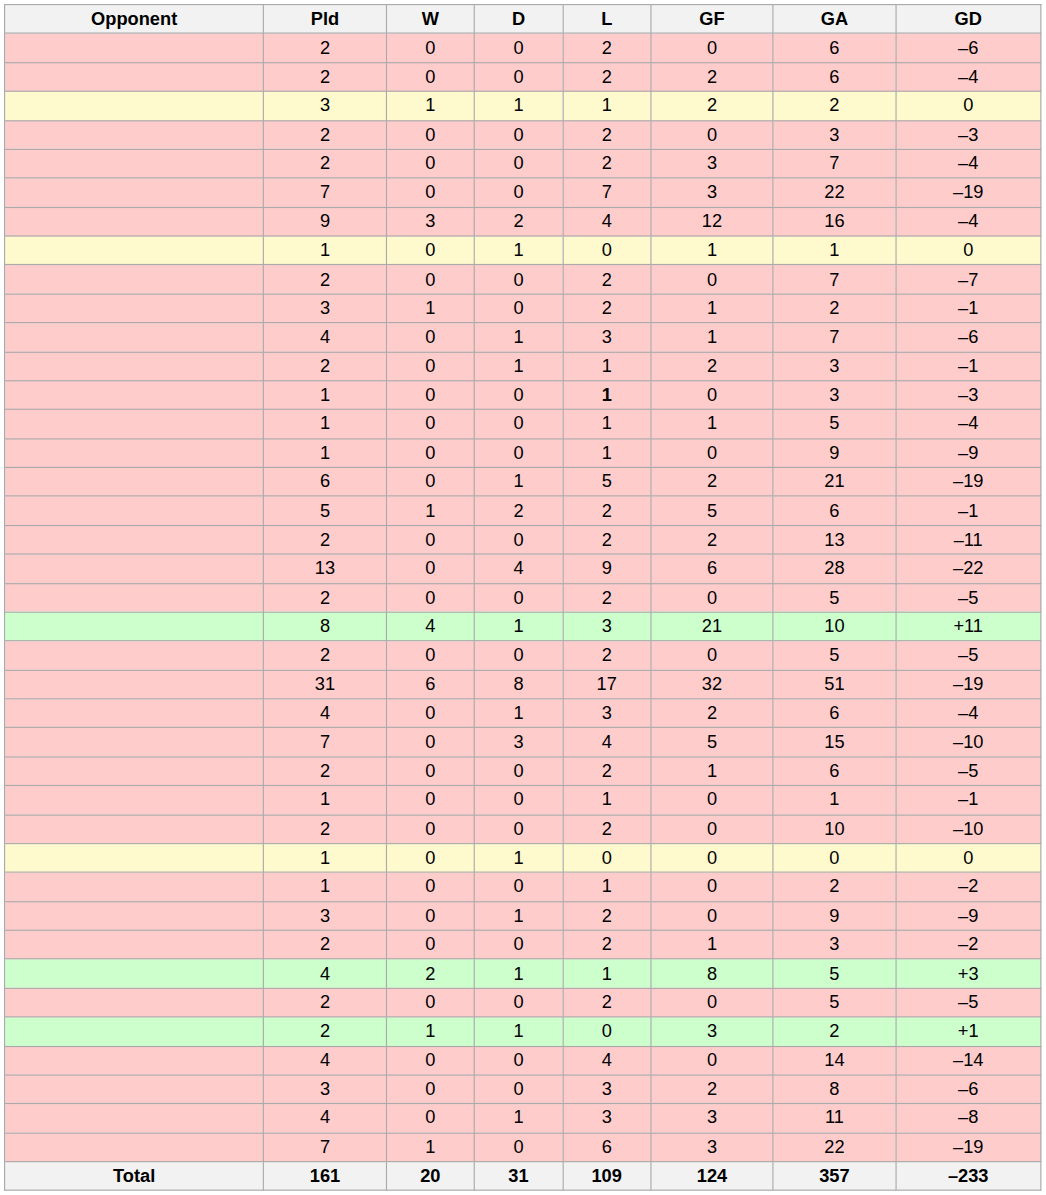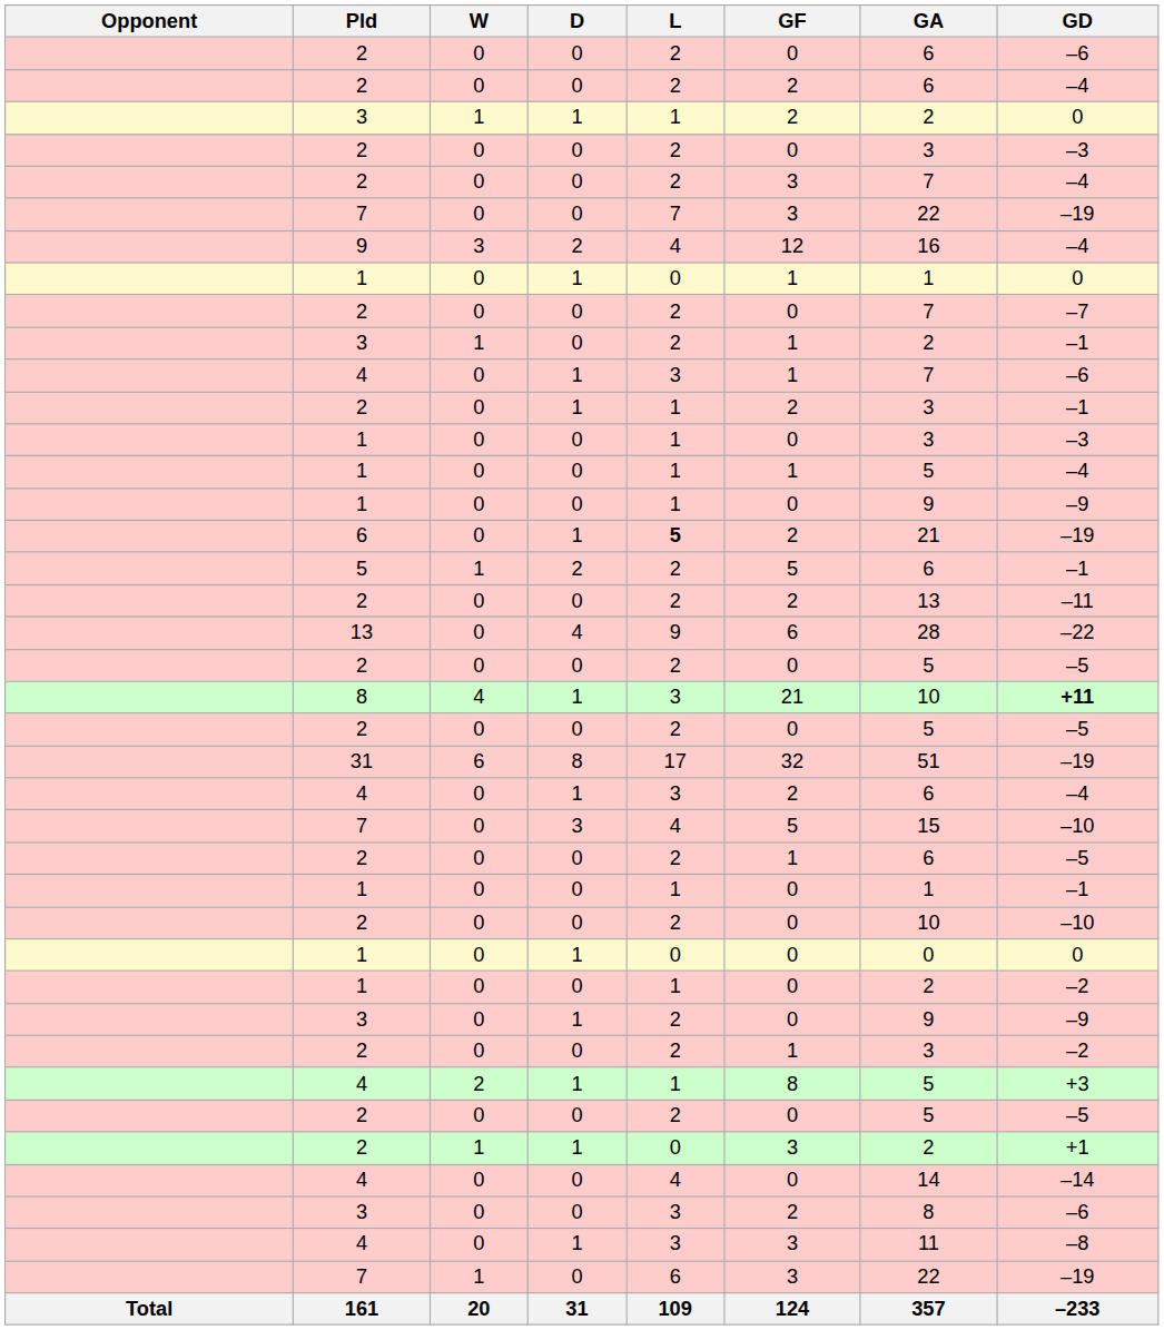 <table class="wikitable sortable" style="text-align: center">
 <tr>
 <th width=220>Opponent<br></th>
 <th width=100>Pld<br></th>
 <th width=70>W<br></th>
 <th width=70>D<br></th>
 <th width=70>L<br></th>
 <th width=100>GF<br></th>
 <th width=100>GA<br></th>
 <th width=120>GD<br></th>
 </tr>
 <tr bgcolor="#FFCCCC">
 <td style="text-align:left;"></td>
 <td>2</td>
 <td>0</td>
 <td>0</td>
 <td>2</td>
 <td>0</td>
 <td>6</td>
 <td>–6</td>
 </tr>
 <tr bgcolor="#FFCCCC">
 <td style="text-align:left;"></td>
 <td>2</td>
 <td>0</td>
 <td>0</td>
 <td>2</td>
 <td>2</td>
 <td>6</td>
 <td>–4</td>
 </tr>
 <tr bgcolor="#FFFACD">
 <td style="text-align:left;"></td>
 <td>3</td>
 <td>1</td>
 <td>1</td>
 <td>1</td>
 <td>2</td>
 <td>2</td>
 <td>0</td>
 </tr>
 <tr bgcolor="#FFCCCC">
 <td style="text-align:left;"></td>
 <td>2</td>
 <td>0</td>
 <td>0</td>
 <td>2</td>
 <td>0</td>
 <td>3</td>
 <td>–3</td>
 </tr>
 <tr bgcolor="#FFCCCC">
 <td style="text-align:left;"></td>
 <td>2</td>
 <td>0</td>
 <td>0</td>
 <td>2</td>
 <td>3</td>
 <td>7</td>
 <td>–4</td>
 </tr>
 <tr bgcolor="#FFCCCC">
 <td style="text-align:left;"></td>
 <td>7</td>
 <td>0</td>
 <td>0</td>
 <td>7</td>
 <td>3</td>
 <td>22</td>
 <td>–19</td>
 </tr>
 <tr bgcolor="#FFCCCC">
 <td style="text-align:left;"></td>
 <td>9</td>
 <td>3</td>
 <td>2</td>
 <td>4</td>
 <td>12</td>
 <td>16</td>
 <td>–4</td>
 </tr>
 <tr bgcolor="#FFFACD">
 <td style="text-align:left;"></td>
 <td>1</td>
 <td>0</td>
 <td>1</td>
 <td>0</td>
 <td>1</td>
 <td>1</td>
 <td>0</td>
 </tr>
 <tr bgcolor="#FFCCCC">
 <td style="text-align:left;"></td>
 <td>2</td>
 <td>0</td>
 <td>0</td>
 <td>2</td>
 <td>0</td>
 <td>7</td>
 <td>–7</td>
 </tr>
 <tr bgcolor="#FFCCCC">
 <td style="text-align:left;"></td>
 <td>3</td>
 <td>1</td>
 <td>0</td>
 <td>2</td>
 <td>1</td>
 <td>2</td>
 <td>–1</td>
 </tr>
 <tr bgcolor="#FFCCCC">
 <td style="text-align:left;"></td>
 <td>4</td>
 <td>0</td>
 <td>1</td>
 <td>3</td>
 <td>1</td>
 <td>7</td>
 <td>–6</td>
 </tr>
 <tr bgcolor="#FFCCCC">
 <td style="text-align:left;"></td>
 <td>2</td>
 <td>0</td>
 <td>1</td>
 <td>1</td>
 <td>2</td>
 <td>3</td>
 <td>–1</td>
 </tr>
 <tr bgcolor="#FFCCCC">
 <td style="text-align:left;"></td>
 <td>1</td>
 <td>0</td>
 <td>0</td>
-<td><strong>1</strong></td>
+<td>1</td>
 <td>0</td>
 <td>3</td>
 <td>–3</td>
 </tr>
 <tr bgcolor="#FFCCCC">
 <td style="text-align:left;"></td>
 <td>1</td>
 <td>0</td>
 <td>0</td>
 <td>1</td>
 <td>1</td>
 <td>5</td>
 <td>–4</td>
 </tr>
 <tr bgcolor="#FFCCCC">
 <td style="text-align:left;"></td>
 <td>1</td>
 <td>0</td>
 <td>0</td>
 <td>1</td>
 <td>0</td>
 <td>9</td>
 <td>–9</td>
 </tr>
 <tr bgcolor="#FFCCCC">
 <td style="text-align:left;"></td>
 <td>6</td>
 <td>0</td>
 <td>1</td>
-<td>5</td>
+<td><strong>5</strong></td>
 <td>2</td>
 <td>21</td>
 <td>–19</td>
 </tr>
 <tr bgcolor="#FFCCCC">
 <td style="text-align:left;"></td>
 <td>5</td>
 <td>1</td>
 <td>2</td>
 <td>2</td>
 <td>5</td>
 <td>6</td>
 <td>–1</td>
 </tr>
 <tr bgcolor="#FFCCCC">
 <td style="text-align:left;"></td>
 <td>2</td>
 <td>0</td>
 <td>0</td>
 <td>2</td>
 <td>2</td>
 <td>13</td>
 <td>–11</td>
 </tr>
 <tr bgcolor="#FFCCCC">
 <td style="text-align:left;"></td>
 <td>13</td>
 <td>0</td>
 <td>4</td>
 <td>9</td>
 <td>6</td>
 <td>28</td>
 <td>–22</td>
 </tr>
 <tr bgcolor="#FFCCCC">
 <td style="text-align:left;"></td>
 <td>2</td>
 <td>0</td>
 <td>0</td>
 <td>2</td>
 <td>0</td>
 <td>5</td>
 <td>–5</td>
 </tr>
 <tr bgcolor="#CCFFCC">
 <td style="text-align:left;"></td>
 <td>8</td>
 <td>4</td>
 <td>1</td>
 <td>3</td>
 <td>21</td>
 <td>10</td>
-<td>+11</td>
+<td><strong>+11</strong></td>
 </tr>
 <tr bgcolor="#FFCCCC">
 <td style="text-align:left;"></td>
 <td>2</td>
 <td>0</td>
 <td>0</td>
 <td>2</td>
 <td>0</td>
 <td>5</td>
 <td>–5</td>
 </tr>
 <tr bgcolor="#FFCCCC">
 <td style="text-align:left;"></td>
 <td>31</td>
 <td>6</td>
 <td>8</td>
 <td>17</td>
 <td>32</td>
 <td>51</td>
 <td>–19</td>
 </tr>
 <tr bgcolor="#FFCCCC">
 <td style="text-align:left;"></td>
 <td>4</td>
 <td>0</td>
 <td>1</td>
 <td>3</td>
 <td>2</td>
 <td>6</td>
 <td>–4</td>
 </tr>
 <tr bgcolor="#FFCCCC">
 <td style="text-align:left;"></td>
 <td>7</td>
 <td>0</td>
 <td>3</td>
 <td>4</td>
 <td>5</td>
 <td>15</td>
 <td>–10</td>
 </tr>
 <tr bgcolor="#FFCCCC">
 <td style="text-align:left;"></td>
 <td>2</td>
 <td>0</td>
 <td>0</td>
 <td>2</td>
 <td>1</td>
 <td>6</td>
 <td>–5</td>
 </tr>
 <tr bgcolor="#FFCCCC">
 <td style="text-align:left;"></td>
 <td>1</td>
 <td>0</td>
 <td>0</td>
 <td>1</td>
 <td>0</td>
 <td>1</td>
 <td>–1</td>
 </tr>
 <tr bgcolor="#FFCCCC">
 <td style="text-align:left;"></td>
 <td>2</td>
 <td>0</td>
 <td>0</td>
 <td>2</td>
 <td>0</td>
 <td>10</td>
 <td>–10</td>
 </tr>
 <tr bgcolor="#FFFACD">
 <td style="text-align:left;"></td>
 <td>1</td>
 <td>0</td>
 <td>1</td>
 <td>0</td>
 <td>0</td>
 <td>0</td>
 <td>0</td>
 </tr>
 <tr bgcolor="#FFCCCC">
 <td style="text-align:left;"></td>
 <td>1</td>
 <td>0</td>
 <td>0</td>
 <td>1</td>
 <td>0</td>
 <td>2</td>
 <td>–2</td>
 </tr>
 <tr bgcolor="#FFCCCC">
 <td style="text-align:left;"></td>
 <td>3</td>
 <td>0</td>
 <td>1</td>
 <td>2</td>
 <td>0</td>
 <td>9</td>
 <td>–9</td>
 </tr>
 <tr bgcolor="#FFCCCC">
 <td style="text-align:left;"></td>
 <td>2</td>
 <td>0</td>
 <td>0</td>
 <td>2</td>
 <td>1</td>
 <td>3</td>
 <td>–2</td>
 </tr>
 <tr bgcolor="#CCFFCC">
 <td style="text-align:left;"></td>
 <td>4</td>
 <td>2</td>
 <td>1</td>
 <td>1</td>
 <td>8</td>
 <td>5</td>
 <td>+3</td>
 </tr>
 <tr bgcolor="#FFCCCC">
 <td style="text-align:left;"></td>
 <td>2</td>
 <td>0</td>
 <td>0</td>
 <td>2</td>
 <td>0</td>
 <td>5</td>
 <td>–5</td>
 </tr>
 <tr bgcolor="#CCFFCC">
 <td style="text-align:left;"></td>
 <td>2</td>
 <td>1</td>
 <td>1</td>
 <td>0</td>
 <td>3</td>
 <td>2</td>
 <td>+1</td>
 </tr>
 <tr bgcolor="#FFCCCC">
 <td style="text-align:left;"></td>
 <td>4</td>
 <td>0</td>
 <td>0</td>
 <td>4</td>
 <td>0</td>
 <td>14</td>
 <td>–14</td>
 </tr>
 <tr bgcolor="#FFCCCC">
 <td style="text-align:left;"></td>
 <td>3</td>
 <td>0</td>
 <td>0</td>
 <td>3</td>
 <td>2</td>
 <td>8</td>
 <td>–6</td>
 </tr>
 <tr bgcolor="#FFCCCC">
 <td style="text-align:left;"></td>
 <td>4</td>
 <td>0</td>
 <td>1</td>
 <td>3</td>
 <td>3</td>
 <td>11</td>
 <td>–8</td>
 </tr>
 <tr bgcolor="#FFCCCC">
 <td style="text-align:left;"></td>
 <td>7</td>
 <td>1</td>
 <td>0</td>
 <td>6</td>
 <td>3</td>
 <td>22</td>
 <td>–19</td>
 </tr>
 <tr class="sortbottom">
 <th>Total</th>
 <th>161</th>
 <th>20</th>
 <th>31</th>
 <th>109</th>
 <th>124</th>
 <th>357</th>
 <th>–233</th>
 </tr>
 </table>
